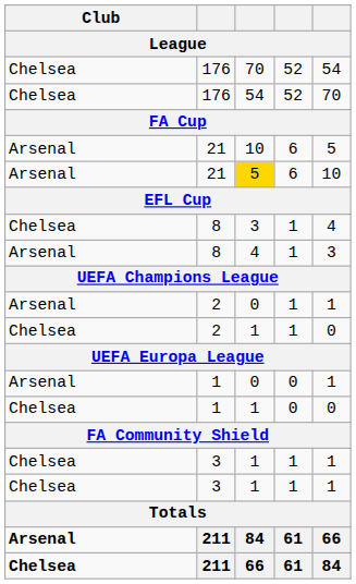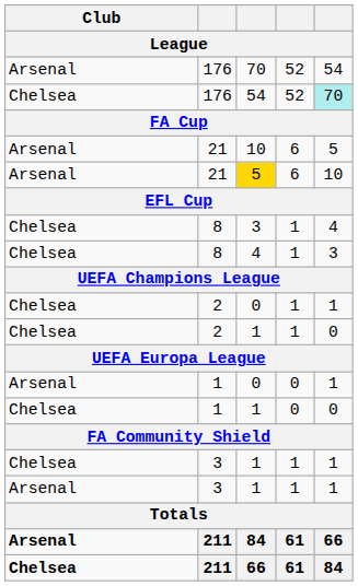 <table class="wikitable">
 <tr>
 <th style="width:150px;">Club</th>
 <th style="width:25px;"></th>
 <th style="width:25px;"></th>
 <th style="width:25px;"></th>
 <th style="width:25px;"></th>
 </tr>
 <tr>
 <th colspan="5">League</th>
 </tr>
 <tr>
-<td>Chelsea</td>
+<td>Arsenal</td>
 <td style="text-align:center;">176</td>
 <td style="text-align:center;">70</td>
 <td style="text-align:center;">52</td>
 <td style="text-align:center;">54</td>
 </tr>
 <tr>
 <td>Chelsea</td>
 <td style="text-align:center;">176</td>
 <td style="text-align:center;">54</td>
 <td style="text-align:center;">52</td>
-<td style="text-align:center;">70</td>
+<td style="background: paleturquoise; text-align:center;">70</td>
 </tr>
 <tr>
 <th colspan="5"><a href='#'>FA Cup</a></th>
 </tr>
 <tr>
 <td>Arsenal</td>
 <td style="text-align:center;">21</td>
 <td style="text-align:center;">10</td>
 <td style="text-align:center;">6</td>
 <td style="text-align:center;">5</td>
 </tr>
 <tr>
 <td>Arsenal</td>
 <td style="text-align:center;">21</td>
 <td style="background: gold; text-align:center;">5</td>
 <td style="text-align:center;">6</td>
 <td style="text-align:center;">10</td>
 </tr>
 <tr>
 <th colspan="5"><a href='#'>EFL Cup</a></th>
 </tr>
 <tr>
 <td>Chelsea</td>
 <td style="text-align:center;">8</td>
 <td style="text-align:center;">3</td>
 <td style="text-align:center;">1</td>
 <td style="text-align:center;">4</td>
 </tr>
 <tr>
-<td>Arsenal</td>
+<td>Chelsea</td>
 <td style="text-align:center;">8</td>
 <td style="text-align:center;">4</td>
 <td style="text-align:center;">1</td>
 <td style="text-align:center;">3</td>
 </tr>
 <tr>
 <th colspan="5"><a href='#'>UEFA Champions League</a></th>
 </tr>
 <tr>
-<td>Arsenal</td>
+<td>Chelsea</td>
 <td style="text-align:center;">2</td>
 <td style="text-align:center;">0</td>
 <td style="text-align:center;">1</td>
 <td style="text-align:center;">1</td>
 </tr>
 <tr>
 <td>Chelsea</td>
 <td style="text-align:center;">2</td>
 <td style="text-align:center;">1</td>
 <td style="text-align:center;">1</td>
 <td style="text-align:center;">0</td>
 </tr>
 <tr>
 <th colspan="5"><a href='#'>UEFA Europa League</a></th>
 </tr>
 <tr>
 <td>Arsenal</td>
 <td style="text-align:center;">1</td>
 <td style="text-align:center;">0</td>
 <td style="text-align:center;">0</td>
 <td style="text-align:center;">1</td>
 </tr>
 <tr>
 <td>Chelsea</td>
 <td style="text-align:center;">1</td>
 <td style="text-align:center;">1</td>
 <td style="text-align:center;">0</td>
 <td style="text-align:center;">0</td>
 </tr>
 <tr>
 <th colspan="5"><a href='#'>FA Community Shield</a></th>
 </tr>
 <tr>
 <td>Chelsea</td>
 <td style="text-align:center;">3</td>
 <td style="text-align:center;">1</td>
 <td style="text-align:center;">1</td>
 <td style="text-align:center;">1</td>
 </tr>
 <tr>
-<td>Chelsea</td>
+<td>Arsenal</td>
 <td style="text-align:center;">3</td>
 <td style="text-align:center;">1</td>
 <td style="text-align:center;">1</td>
 <td style="text-align:center;">1</td>
 </tr>
 <tr>
 <th colspan="5">Totals</th>
 </tr>
 <tr>
 <td><strong>Arsenal</strong></td>
 <th>211</th>
 <th>84</th>
 <th>61</th>
 <th>66</th>
 </tr>
 <tr>
 <td><strong>Chelsea</strong></td>
 <th>211</th>
 <th>66</th>
 <th>61</th>
 <th>84</th>
 </tr>
 </table>
